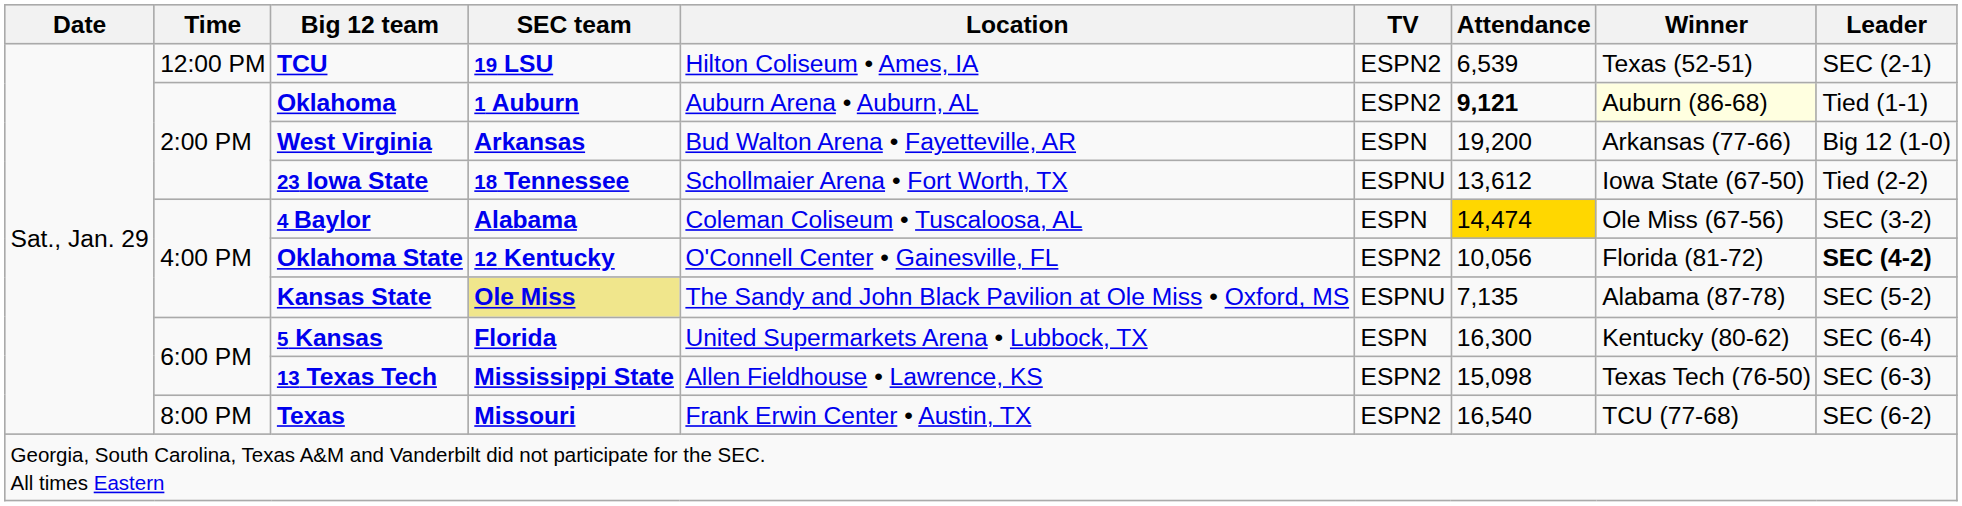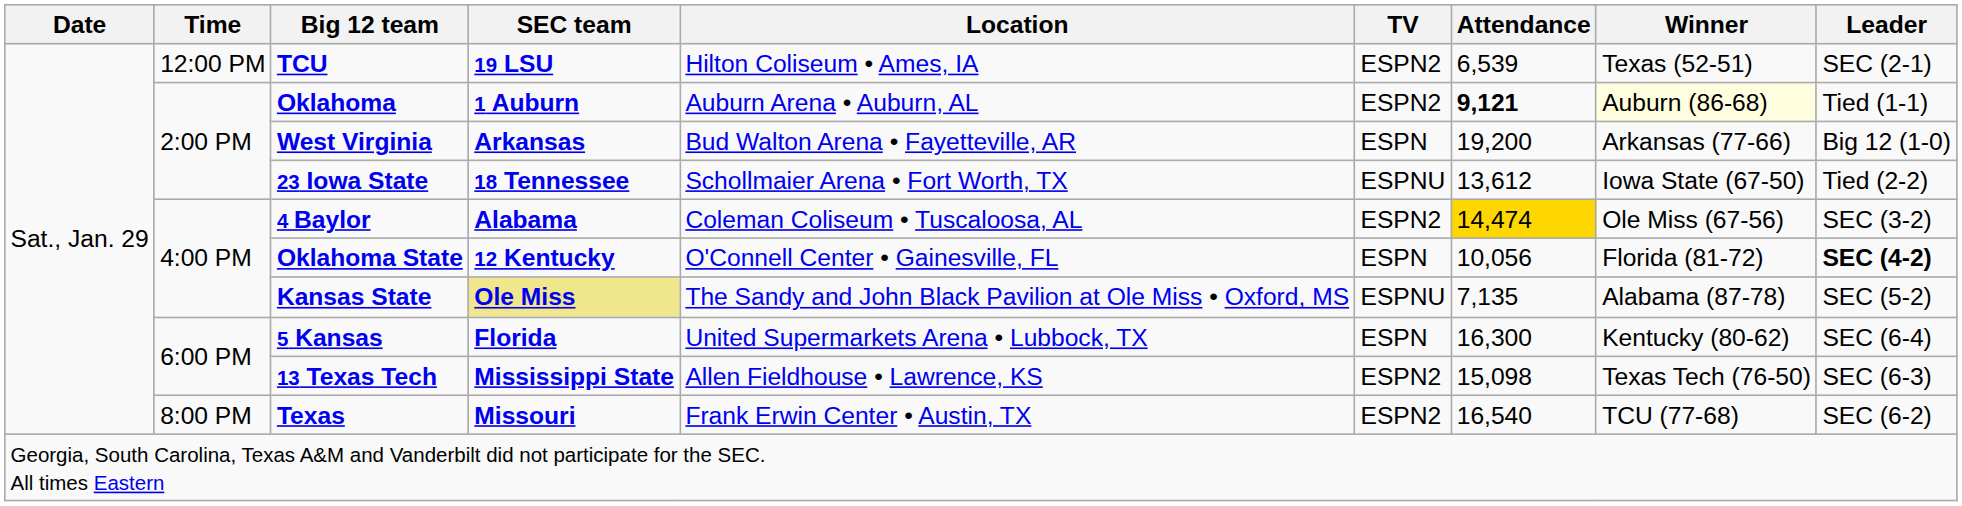 <table class="wikitable" style="font-size: 95%">
 <tr style="text-align:center;">
 <th>Date</th>
 <th>Time</th>
 <th>Big 12 team</th>
 <th>SEC team</th>
 <th>Location</th>
 <th>TV</th>
 <th>Attendance</th>
 <th>Winner</th>
 <th>Leader</th>
 </tr>
 <tr>
 <td rowspan=10>Sat., Jan. 29</td>
 <td>12:00 PM</td>
 <td><strong><a href='#'><span>TCU</span></a></strong></td>
 <td><strong><a href='#'><span><small>19</small> LSU</span></a></strong></td>
 <td><a href='#'>Hilton Coliseum</a> • <a href='#'>Ames, IA</a></td>
 <td>ESPN2</td>
 <td>6,539</td>
 <td>Texas (52-51)</td>
 <td>SEC (2-1)</td>
 </tr>
 <tr>
 <td rowspan="3">2:00 PM</td>
 <td><strong><a href='#'><span>Oklahoma</span></a></strong></td>
 <td><strong><a href='#'><span><small>1</small> Auburn</span></a></strong></td>
 <td><a href='#'>Auburn Arena</a> • <a href='#'>Auburn, AL</a></td>
 <td>ESPN2</td>
 <td><strong>9,121</strong></td>
 <td style="background: lightyellow;">Auburn (86-68)</td>
 <td>Tied (1-1)</td>
 </tr>
 <tr>
 <td><strong><a href='#'><span>West Virginia</span></a></strong></td>
 <td><strong><a href='#'><span>Arkansas</span></a></strong></td>
 <td><a href='#'>Bud Walton Arena</a> • <a href='#'>Fayetteville, AR</a></td>
 <td>ESPN</td>
 <td>19,200</td>
 <td>Arkansas (77-66)</td>
 <td>Big 12 (1-0)</td>
 </tr>
 <tr>
 <td><strong><a href='#'><span> <small>23</small> Iowa State</span></a></strong></td>
 <td><strong><a href='#'><span><small>18</small> Tennessee</span></a></strong></td>
 <td><a href='#'>Schollmaier Arena</a> • <a href='#'>Fort Worth, TX</a></td>
 <td>ESPNU</td>
 <td>13,612</td>
 <td>Iowa State (67-50)</td>
 <td>Tied (2-2)</td>
 </tr>
 <tr>
 <td rowspan="3">4:00 PM</td>
 <td><strong><a href='#'><span><small>4 </small>Baylor</span></a></strong></td>
 <td><strong><a href='#'><span>Alabama</span></a></strong></td>
 <td><a href='#'>Coleman Coliseum</a> • <a href='#'>Tuscaloosa, AL</a></td>
-<td>ESPN</td>
+<td>ESPN2</td>
 <td style="background: gold;">14,474</td>
 <td>Ole Miss (67-56)</td>
 <td>SEC (3-2)</td>
 </tr>
 <tr>
 <td><strong><a href='#'><span>Oklahoma State</span></a></strong></td>
 <td><strong><a href='#'><span><small>12</small> Kentucky</span></a></strong></td>
 <td><a href='#'>O'Connell Center</a> • <a href='#'>Gainesville, FL</a></td>
-<td>ESPN2</td>
+<td>ESPN</td>
 <td>10,056</td>
 <td>Florida (81-72)</td>
 <td><strong>SEC (4-2)</strong></td>
 </tr>
 <tr>
 <td><strong><a href='#'><span>Kansas State</span></a></strong></td>
 <td style="background: khaki;"><strong><a href='#'><span>Ole Miss</span></a></strong></td>
 <td><a href='#'>The Sandy and John Black Pavilion at Ole Miss</a> • <a href='#'>Oxford, MS</a></td>
 <td>ESPNU</td>
 <td>7,135</td>
 <td>Alabama (87-78)</td>
 <td>SEC (5-2)</td>
 </tr>
 <tr>
 <td rowspan="2">6:00 PM</td>
 <td><strong><a href='#'><span><small>5</small> Kansas</span></a></strong></td>
 <td><strong><a href='#'><span>Florida</span></a></strong></td>
 <td><a href='#'>United Supermarkets Arena</a> • <a href='#'>Lubbock, TX</a></td>
 <td>ESPN</td>
 <td>16,300</td>
 <td>Kentucky (80-62)</td>
 <td>SEC (6-4)</td>
 </tr>
 <tr>
 <td><strong><a href='#'><span><small>13</small> Texas Tech</span></a></strong></td>
 <td><strong><a href='#'><span>Mississippi State</span></a></strong></td>
 <td><a href='#'>Allen Fieldhouse</a> • <a href='#'>Lawrence, KS</a></td>
 <td>ESPN2</td>
 <td>15,098</td>
 <td>Texas Tech (76-50)</td>
 <td>SEC (6-3)</td>
 </tr>
 <tr>
 <td>8:00 PM</td>
 <td><strong><a href='#'><span>Texas</span></a></strong></td>
 <td><strong><a href='#'><span>Missouri</span></a></strong></td>
 <td><a href='#'>Frank Erwin Center</a> • <a href='#'>Austin, TX</a></td>
 <td>ESPN2</td>
 <td>16,540</td>
 <td>TCU (77-68)</td>
 <td>SEC (6-2)</td>
 </tr>
 <tr>
 <td colspan="10"><small>Georgia, South Carolina, Texas A&M and Vanderbilt did not participate for the SEC.<br>All times <a href='#'>Eastern</a></small></td>
 </tr>
 </table>
